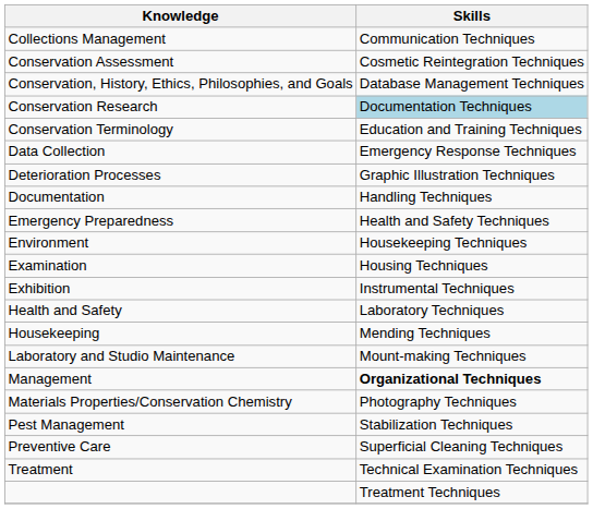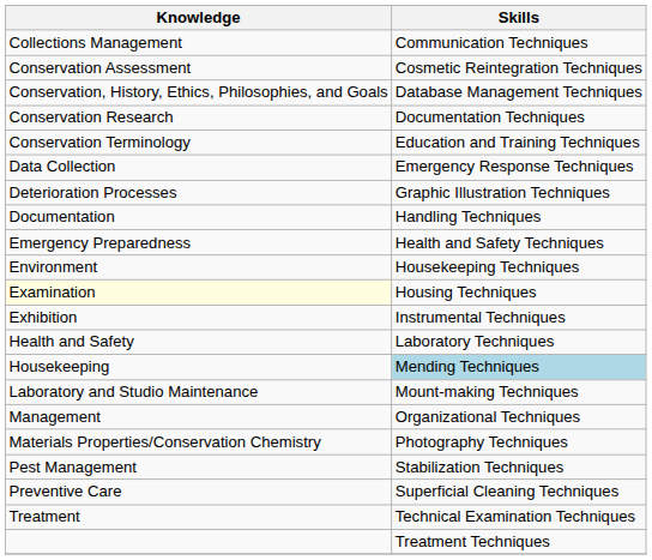 <table class="wikitable">
 <tr>
 <th>Knowledge </th>
 <th>Skills</th>
 </tr>
 <tr>
 <td>Collections Management</td>
 <td>Communication Techniques</td>
 </tr>
 <tr>
 <td>Conservation Assessment</td>
 <td>Cosmetic Reintegration Techniques</td>
 </tr>
 <tr>
 <td>Conservation, History, Ethics, Philosophies, and Goals</td>
 <td>Database Management Techniques</td>
 </tr>
 <tr>
 <td>Conservation Research</td>
-<td style="background: lightblue;">Documentation Techniques</td>
+<td>Documentation Techniques</td>
 </tr>
 <tr>
 <td>Conservation Terminology</td>
 <td>Education and Training Techniques</td>
 </tr>
 <tr>
 <td>Data Collection</td>
 <td>Emergency Response Techniques</td>
 </tr>
 <tr>
 <td>Deterioration Processes</td>
 <td>Graphic Illustration Techniques</td>
 </tr>
 <tr>
 <td>Documentation</td>
 <td>Handling Techniques</td>
 </tr>
 <tr>
 <td>Emergency Preparedness</td>
 <td>Health and Safety Techniques</td>
 </tr>
 <tr>
 <td>Environment</td>
 <td>Housekeeping Techniques</td>
 </tr>
 <tr>
-<td>Examination</td>
+<td style="background: lightyellow;">Examination</td>
 <td>Housing Techniques</td>
 </tr>
 <tr>
 <td>Exhibition</td>
 <td>Instrumental Techniques</td>
 </tr>
 <tr>
 <td>Health and Safety</td>
 <td>Laboratory Techniques</td>
 </tr>
 <tr>
 <td>Housekeeping</td>
-<td>Mending Techniques</td>
+<td style="background: lightblue;">Mending Techniques</td>
 </tr>
 <tr>
 <td>Laboratory and Studio Maintenance</td>
 <td>Mount-making Techniques</td>
 </tr>
 <tr>
 <td>Management</td>
-<td><strong>Organizational Techniques</strong></td>
+<td>Organizational Techniques</td>
 </tr>
 <tr>
 <td>Materials Properties/Conservation Chemistry</td>
 <td>Photography Techniques</td>
 </tr>
 <tr>
 <td>Pest Management</td>
 <td>Stabilization Techniques</td>
 </tr>
 <tr>
 <td>Preventive Care</td>
 <td>Superficial Cleaning Techniques</td>
 </tr>
 <tr>
 <td>Treatment</td>
 <td>Technical Examination Techniques</td>
 </tr>
 <tr>
 <td></td>
 <td>Treatment Techniques</td>
 </tr>
 <tr>
 </tr>
 </table>
